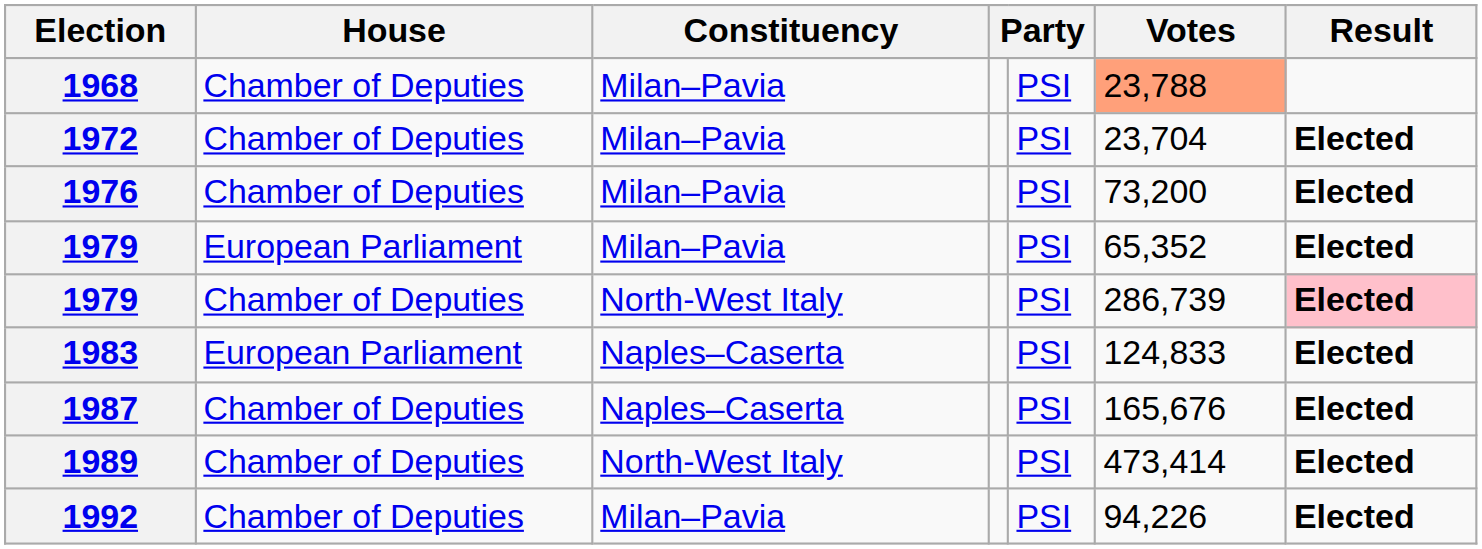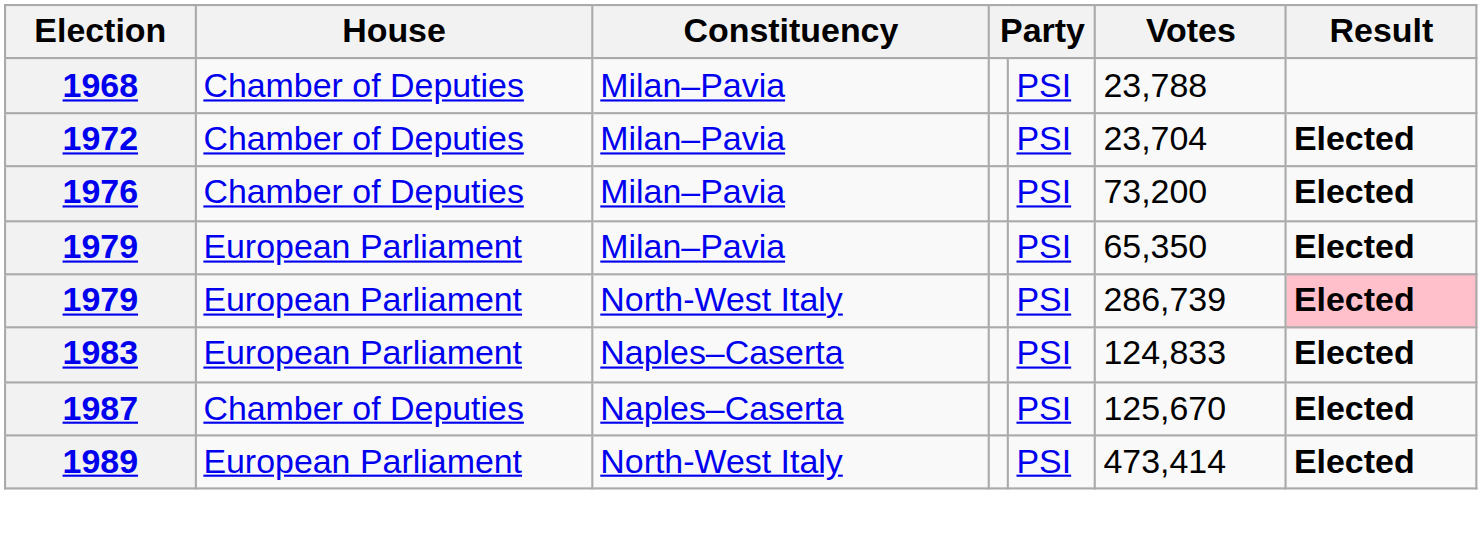 <table class=wikitable style="width:55%; border:1px #AAAAFF solid">
 <tr>
 <th width=12%>Election</th>
 <th width=25%>House</th>
 <th width=25%>Constituency</th>
 <th width=5% colspan="2">Party</th>
 <th width=12%>Votes</th>
 <th width=12%>Result</th>
 </tr>
 <tr>
 <th><a href='#'>1968</a></th>
 <td><a href='#'>Chamber of Deputies</a></td>
 <td><a href='#'>Milan–Pavia</a></td>
 <td></td>
 <td><a href='#'>PSI</a></td>
-<td style="background: lightsalmon;">23,788</td>
+<td>23,788</td>
 <td></td>
 </tr>
 <tr>
 <th><a href='#'>1972</a></th>
 <td><a href='#'>Chamber of Deputies</a></td>
 <td><a href='#'>Milan–Pavia</a></td>
 <td></td>
 <td><a href='#'>PSI</a></td>
 <td>23,704</td>
 <td> <strong>Elected</strong></td>
 </tr>
 <tr>
 <th><a href='#'>1976</a></th>
 <td><a href='#'>Chamber of Deputies</a></td>
 <td><a href='#'>Milan–Pavia</a></td>
 <td></td>
 <td><a href='#'>PSI</a></td>
 <td>73,200</td>
 <td> <strong>Elected</strong></td>
 </tr>
 <tr>
 <th><a href='#'>1979</a></th>
 <td><a href='#'>European Parliament</a></td>
 <td><a href='#'>Milan–Pavia</a></td>
 <td></td>
 <td><a href='#'>PSI</a></td>
-<td>65,352</td>
+<td>65,350</td>
 <td> <strong>Elected</strong></td>
 </tr>
 <tr>
 <th><a href='#'>1979</a></th>
-<td><a href='#'>Chamber of Deputies</a></td>
+<td><a href='#'>European Parliament</a></td>
 <td><a href='#'>North-West Italy</a></td>
 <td></td>
 <td><a href='#'>PSI</a></td>
 <td>286,739</td>
 <td style="background: pink;"> <strong>Elected</strong></td>
 </tr>
 <tr>
 <th><a href='#'>1983</a></th>
 <td><a href='#'>European Parliament</a></td>
 <td><a href='#'>Naples–Caserta</a></td>
 <td></td>
 <td><a href='#'>PSI</a></td>
 <td>124,833</td>
 <td> <strong>Elected</strong></td>
 </tr>
 <tr>
 <th><a href='#'>1987</a></th>
 <td><a href='#'>Chamber of Deputies</a></td>
 <td><a href='#'>Naples–Caserta</a></td>
 <td></td>
 <td><a href='#'>PSI</a></td>
-<td>165,676</td>
+<td>125,670</td>
 <td> <strong>Elected</strong></td>
 </tr>
 <tr>
 <th><a href='#'>1989</a></th>
-<td><a href='#'>Chamber of Deputies</a></td>
+<td><a href='#'>European Parliament</a></td>
 <td><a href='#'>North-West Italy</a></td>
 <td></td>
 <td><a href='#'>PSI</a></td>
 <td>473,414</td>
 <td> <strong>Elected</strong></td>
 </tr>
-<tr>
-<th><a href='#'>1992</a></th>
-<td><a href='#'>Chamber of Deputies</a></td>
-<td><a href='#'>Milan–Pavia</a></td>
-<td></td>
-<td><a href='#'>PSI</a></td>
-<td>94,226</td>
-<td> <strong>Elected</strong></td>
-</tr>
 </table>
